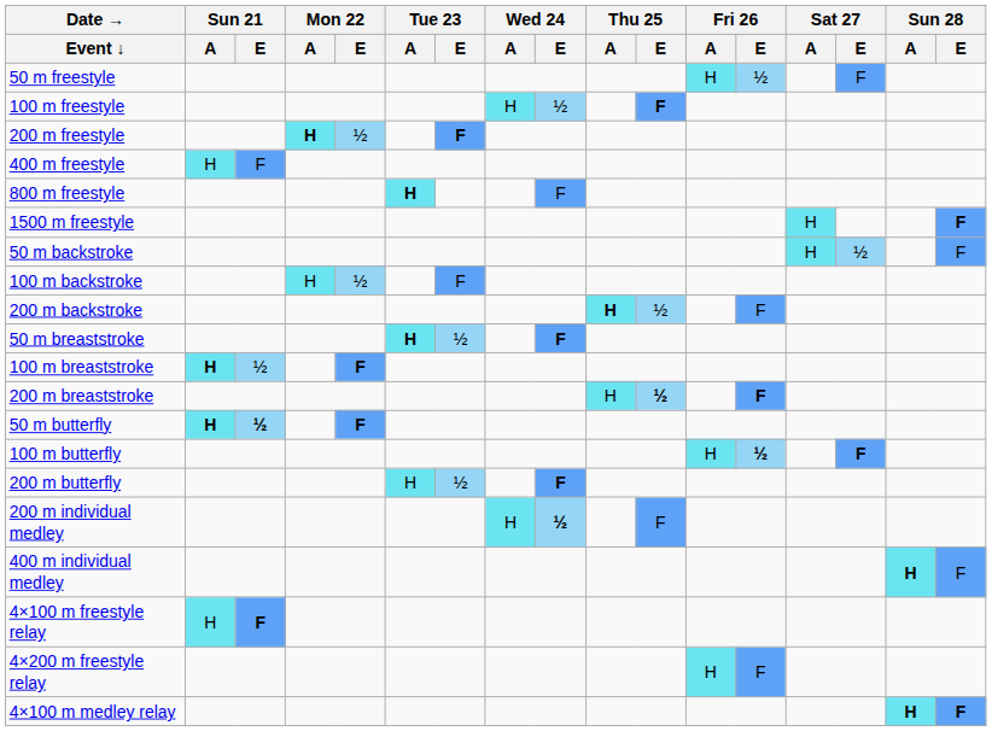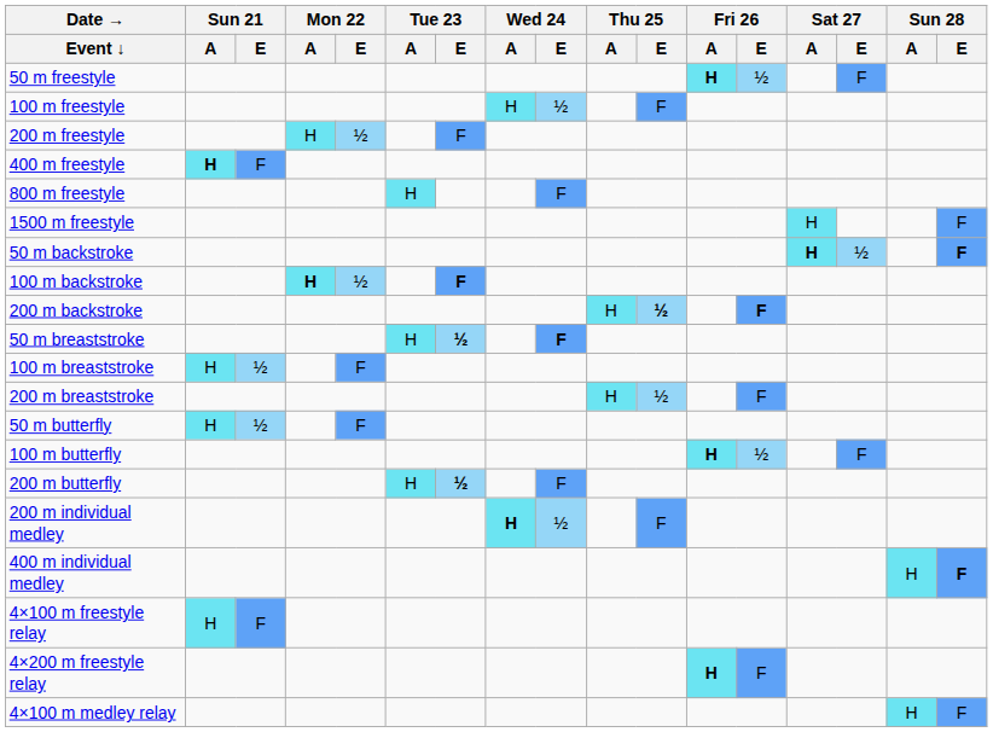 <table class="wikitable" style="margin:0.5em auto; font-size:95%; line-height:1.25em;">
 <tr style="text-align:center;">
 <th>Date →</th>
 <th colspan="2">Sun 21</th>
 <th colspan="2">Mon 22</th>
 <th colspan="2">Tue 23</th>
 <th colspan="2">Wed 24</th>
 <th colspan="2">Thu 25</th>
 <th colspan="2">Fri 26</th>
 <th colspan="2">Sat 27</th>
 <th colspan="2">Sun 28</th>
 </tr>
 <tr>
 <th>Event   ↓</th>
 <th style="width:2.5em;">A</th>
 <th style="width:2.5em;">E</th>
 <th style="width:2.5em;">A</th>
 <th style="width:2.5em;">E</th>
 <th style="width:2.5em;">A</th>
 <th style="width:2.5em;">E</th>
 <th style="width:2.5em;">A</th>
 <th style="width:2.5em;">E</th>
 <th style="width:2.5em;">A</th>
 <th style="width:2.5em;">E</th>
 <th style="width:2.5em;">A</th>
 <th style="width:2.5em;">E</th>
 <th style="width:2.5em;">A</th>
 <th style="width:2.5em;">E</th>
 <th style="width:2.5em;">A</th>
 <th style="width:2.5em;">E</th>
 </tr>
 <tr style="text-align:center;">
 <td style="text-align:left;"><a href='#'>50 m freestyle</a></td>
 <td colspan="2"></td>
 <td colspan="2"></td>
 <td colspan="2"></td>
 <td colspan="2"></td>
 <td colspan="2"></td>
-<td style="background-color:#6be4f2;">H</td>
+<td style="background-color:#6be4f2;"><strong>H</strong></td>
 <td style="background-color:#95d6f7;">½</td>
 <td></td>
 <td style="background-color:#5ea2f7;">F</td>
 <td colspan="2"></td>
 </tr>
 <tr style="text-align:center;">
 <td style="text-align:left;"><a href='#'>100 m freestyle</a></td>
 <td colspan="2"></td>
 <td colspan="2"></td>
 <td colspan="2"></td>
 <td style="background-color:#6be4f2;">H</td>
 <td style="background-color:#95d6f7;">½</td>
 <td></td>
-<td style="background-color:#5ea2f7;"><strong>F</strong></td>
+<td style="background-color:#5ea2f7;">F</td>
 <td colspan="2"></td>
 <td colspan="2"></td>
 <td colspan="2"></td>
 </tr>
 <tr style="text-align:center;">
 <td style="text-align:left;"><a href='#'>200 m freestyle</a></td>
 <td colspan="2"></td>
-<td style="background-color:#6be4f2;"><strong>H</strong></td>
+<td style="background-color:#6be4f2;">H</td>
 <td style="background-color:#95d6f7;">½</td>
 <td></td>
-<td style="background-color:#5ea2f7;"><strong>F</strong></td>
+<td style="background-color:#5ea2f7;">F</td>
 <td colspan="2"></td>
 <td colspan="2"></td>
 <td colspan="2"></td>
 <td colspan="2"></td>
 <td colspan="2"></td>
 </tr>
 <tr style="text-align:center;">
 <td style="text-align:left;"><a href='#'>400 m freestyle</a></td>
-<td style="background-color:#6be4f2;">H</td>
+<td style="background-color:#6be4f2;"><strong>H</strong></td>
 <td style="background-color:#5ea2f7;">F</td>
 <td colspan="2"></td>
 <td colspan="2"></td>
 <td colspan="2"></td>
 <td colspan="2"></td>
 <td colspan="2"></td>
 <td colspan="2"></td>
 <td colspan="2"></td>
 </tr>
 <tr style="text-align:center;">
 <td style="text-align:left;"><a href='#'>800 m freestyle</a></td>
 <td colspan="2"></td>
 <td colspan="2"></td>
-<td style="background-color:#6be4f2;"><strong>H</strong></td>
+<td style="background-color:#6be4f2;">H</td>
 <td></td>
 <td></td>
 <td style="background-color:#5ea2f7;">F</td>
 <td colspan="2"></td>
 <td colspan="2"></td>
 <td colspan="2"></td>
 <td colspan="2"></td>
 </tr>
 <tr style="text-align:center;">
 <td style="text-align:left;"><a href='#'>1500 m freestyle</a></td>
 <td colspan="2"></td>
 <td colspan="2"></td>
 <td colspan="2"></td>
 <td colspan="2"></td>
 <td colspan="2"></td>
 <td colspan="2"></td>
 <td style="background-color:#6be4f2;">H</td>
 <td></td>
 <td></td>
-<td style="background-color:#5ea2f7;"><strong>F</strong></td>
+<td style="background-color:#5ea2f7;">F</td>
 </tr>
 <tr style="text-align:center;">
 <td style="text-align:left;"><a href='#'>50 m backstroke</a></td>
 <td colspan="2"></td>
 <td colspan="2"></td>
 <td colspan="2"></td>
 <td colspan="2"></td>
 <td colspan="2"></td>
 <td colspan="2"></td>
-<td style="background-color:#6be4f2;">H</td>
+<td style="background-color:#6be4f2;"><strong>H</strong></td>
 <td style="background-color:#95d6f7;">½</td>
 <td></td>
-<td style="background-color:#5ea2f7;">F</td>
+<td style="background-color:#5ea2f7;"><strong>F</strong></td>
 </tr>
 <tr style="text-align:center;">
 <td style="text-align:left;"><a href='#'>100 m backstroke</a></td>
 <td colspan="2"></td>
-<td style="background-color:#6be4f2;">H</td>
+<td style="background-color:#6be4f2;"><strong>H</strong></td>
 <td style="background-color:#95d6f7;">½</td>
 <td></td>
-<td style="background-color:#5ea2f7;">F</td>
+<td style="background-color:#5ea2f7;"><strong>F</strong></td>
 <td colspan="2"></td>
 <td colspan="2"></td>
 <td colspan="2"></td>
 <td colspan="2"></td>
 <td colspan="2"></td>
 </tr>
 <tr style="text-align:center;">
 <td style="text-align:left;"><a href='#'>200 m backstroke</a></td>
 <td colspan="2"></td>
 <td colspan="2"></td>
 <td colspan="2"></td>
 <td colspan="2"></td>
-<td style="background-color:#6be4f2;"><strong>H</strong></td>
-<td style="background-color:#95d6f7;">½</td>
+<td style="background-color:#6be4f2;">H</td>
+<td style="background-color:#95d6f7;"><strong>½</strong></td>
 <td></td>
-<td style="background-color:#5ea2f7;">F</td>
+<td style="background-color:#5ea2f7;"><strong>F</strong></td>
 <td colspan="2"></td>
 <td colspan="2"></td>
 </tr>
 <tr style="text-align:center;">
 <td style="text-align:left;"><a href='#'>50 m breaststroke</a></td>
 <td colspan="2"></td>
 <td colspan="2"></td>
-<td style="background-color:#6be4f2;"><strong>H</strong></td>
-<td style="background-color:#95d6f7;">½</td>
+<td style="background-color:#6be4f2;">H</td>
+<td style="background-color:#95d6f7;"><strong>½</strong></td>
 <td></td>
 <td style="background-color:#5ea2f7;"><strong>F</strong></td>
 <td colspan="2"></td>
 <td colspan="2"></td>
 <td colspan="2"></td>
 <td colspan="2"></td>
 </tr>
 <tr style="text-align:center;">
 <td style="text-align:left;"><a href='#'>100 m breaststroke</a></td>
-<td style="background-color:#6be4f2;"><strong>H</strong></td>
+<td style="background-color:#6be4f2;">H</td>
 <td style="background-color:#95d6f7;">½</td>
 <td></td>
-<td style="background-color:#5ea2f7;"><strong>F</strong></td>
+<td style="background-color:#5ea2f7;">F</td>
 <td colspan="2"></td>
 <td colspan="2"></td>
 <td colspan="2"></td>
 <td colspan="2"></td>
 <td colspan="2"></td>
 <td colspan="2"></td>
 </tr>
 <tr style="text-align:center;">
 <td style="text-align:left;"><a href='#'>200 m breaststroke</a></td>
 <td colspan="2"></td>
 <td colspan="2"></td>
 <td colspan="2"></td>
 <td colspan="2"></td>
 <td style="background-color:#6be4f2;">H</td>
-<td style="background-color:#95d6f7;"><strong>½</strong></td>
+<td style="background-color:#95d6f7;">½</td>
 <td></td>
-<td style="background-color:#5ea2f7;"><strong>F</strong></td>
+<td style="background-color:#5ea2f7;">F</td>
 <td colspan="2"></td>
 <td colspan="2"></td>
 </tr>
 <tr style="text-align:center;">
 <td style="text-align:left;"><a href='#'>50 m butterfly</a></td>
-<td style="background-color:#6be4f2;"><strong>H</strong></td>
-<td style="background-color:#95d6f7;"><strong>½</strong></td>
+<td style="background-color:#6be4f2;">H</td>
+<td style="background-color:#95d6f7;">½</td>
 <td></td>
-<td style="background-color:#5ea2f7;"><strong>F</strong></td>
+<td style="background-color:#5ea2f7;">F</td>
 <td colspan="2"></td>
 <td colspan="2"></td>
 <td colspan="2"></td>
 <td colspan="2"></td>
 <td colspan="2"></td>
 <td colspan="2"></td>
 </tr>
 <tr style="text-align:center;">
 <td style="text-align:left;"><a href='#'>100 m butterfly</a></td>
 <td colspan="2"></td>
 <td colspan="2"></td>
 <td colspan="2"></td>
 <td colspan="2"></td>
 <td colspan="2"></td>
-<td style="background-color:#6be4f2;">H</td>
-<td style="background-color:#95d6f7;"><strong>½</strong></td>
+<td style="background-color:#6be4f2;"><strong>H</strong></td>
+<td style="background-color:#95d6f7;">½</td>
 <td></td>
-<td style="background-color:#5ea2f7;"><strong>F</strong></td>
+<td style="background-color:#5ea2f7;">F</td>
 <td colspan="2"></td>
 </tr>
 <tr style="text-align:center;">
 <td style="text-align:left;"><a href='#'>200 m butterfly</a></td>
 <td colspan="2"></td>
 <td colspan="2"></td>
 <td style="background-color:#6be4f2;">H</td>
-<td style="background-color:#95d6f7;">½</td>
+<td style="background-color:#95d6f7;"><strong>½</strong></td>
 <td></td>
-<td style="background-color:#5ea2f7;"><strong>F</strong></td>
+<td style="background-color:#5ea2f7;">F</td>
 <td colspan="2"></td>
 <td colspan="2"></td>
 <td colspan="2"></td>
 <td colspan="2"></td>
 </tr>
 <tr style="text-align:center;">
 <td style="text-align:left;"><a href='#'>200 m individual medley</a></td>
 <td colspan="2"></td>
 <td colspan="2"></td>
 <td colspan="2"></td>
-<td style="background-color:#6be4f2;">H</td>
-<td style="background-color:#95d6f7;"><strong>½</strong></td>
+<td style="background-color:#6be4f2;"><strong>H</strong></td>
+<td style="background-color:#95d6f7;">½</td>
 <td></td>
 <td style="background-color:#5ea2f7;">F</td>
 <td colspan="2"></td>
 <td colspan="2"></td>
 <td colspan="2"></td>
 </tr>
 <tr style="text-align:center;">
 <td style="text-align:left;"><a href='#'>400 m individual medley</a></td>
 <td colspan="2"></td>
 <td colspan="2"></td>
 <td colspan="2"></td>
 <td colspan="2"></td>
 <td colspan="2"></td>
 <td colspan="2"></td>
 <td colspan="2"></td>
-<td style="background-color:#6be4f2;"><strong>H</strong></td>
-<td style="background-color:#5ea2f7;">F</td>
+<td style="background-color:#6be4f2;">H</td>
+<td style="background-color:#5ea2f7;"><strong>F</strong></td>
 </tr>
 <tr style="text-align:center;">
 <td style="text-align:left;"><a href='#'>4×100 m freestyle relay</a></td>
 <td style="background-color:#6be4f2;">H</td>
-<td style="background-color:#5ea2f7;"><strong>F</strong></td>
+<td style="background-color:#5ea2f7;">F</td>
 <td colspan="2"></td>
 <td colspan="2"></td>
 <td colspan="2"></td>
 <td colspan="2"></td>
 <td colspan="2"></td>
 <td colspan="2"></td>
 <td colspan="2"></td>
 </tr>
 <tr style="text-align:center;">
 <td style="text-align:left;"><a href='#'>4×200 m freestyle relay</a></td>
 <td colspan="2"></td>
 <td colspan="2"></td>
 <td colspan="2"></td>
 <td colspan="2"></td>
 <td colspan="2"></td>
-<td style="background-color:#6be4f2;">H</td>
+<td style="background-color:#6be4f2;"><strong>H</strong></td>
 <td style="background-color:#5ea2f7;">F</td>
 <td colspan="2"></td>
 <td colspan="2"></td>
 </tr>
 <tr style="text-align:center;">
 <td style="text-align:left;"><a href='#'>4×100 m medley relay</a></td>
 <td colspan="2"></td>
 <td colspan="2"></td>
 <td colspan="2"></td>
 <td colspan="2"></td>
 <td colspan="2"></td>
 <td colspan="2"></td>
 <td colspan="2"></td>
-<td style="background-color:#6be4f2;"><strong>H</strong></td>
-<td style="background-color:#5ea2f7;"><strong>F</strong></td>
+<td style="background-color:#6be4f2;">H</td>
+<td style="background-color:#5ea2f7;">F</td>
 </tr>
 </table>
